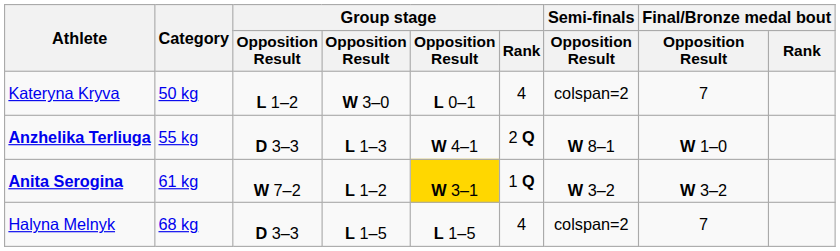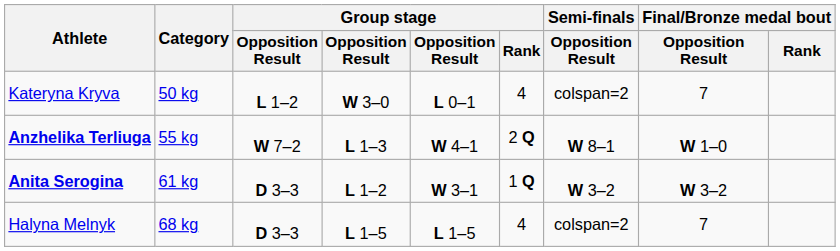 <table class="wikitable" style="text-align:center; font-size:90%">
 <tr>
 <th rowspan=2>Athlete</th>
 <th rowspan=2>Category</th>
 <th colspan=4>Group stage</th>
 <th>Semi-finals</th>
 <th colspan=2>Final/Bronze medal bout</th>
 </tr>
 <tr style="font-size:95%">
 <th>Opposition<br>Result</th>
 <th>Opposition<br>Result</th>
 <th>Opposition<br>Result</th>
 <th>Rank</th>
 <th>Opposition<br>Result</th>
 <th>Opposition<br>Result</th>
 <th>Rank</th>
 </tr>
 <tr>
 <td align=left><a href='#'>Kateryna Kryva</a></td>
 <td align=left><a href='#'>50 kg</a></td>
 <td><br> <strong>L</strong> 1–2</td>
 <td><br> <strong>W</strong> 3–0</td>
 <td><br> <strong>L</strong> 0–1</td>
 <td>4</td>
 <td>colspan=2 </td>
 <td>7</td>
 </tr>
 <tr>
 <td align=left><strong><a href='#'>Anzhelika Terliuga</a></strong></td>
 <td align=left><a href='#'>55 kg</a></td>
-<td><br> <strong>D</strong> 3–3</td>
+<td><br> <strong>W</strong> 7–2</td>
 <td><br> <strong>L</strong> 1–3</td>
 <td><br> <strong>W</strong> 4–1</td>
 <td>2 <strong>Q</strong></td>
 <td><br> <strong>W</strong> 8–1</td>
 <td><br> <strong>W</strong> 1–0</td>
 <td></td>
 </tr>
 <tr>
 <td align=left><strong><a href='#'>Anita Serogina</a></strong></td>
 <td align=left><a href='#'>61 kg</a></td>
-<td><br> <strong>W</strong> 7–2</td>
+<td><br> <strong>D</strong> 3–3</td>
 <td><br> <strong>L</strong> 1–2</td>
-<td style="background: gold;"><br> <strong>W</strong> 3–1</td>
+<td><br> <strong>W</strong> 3–1</td>
 <td>1 <strong>Q</strong></td>
 <td><br> <strong>W</strong> 3–2</td>
 <td><br> <strong>W</strong> 3–2</td>
 <td></td>
 </tr>
 <tr>
 <td align=left><a href='#'>Halyna Melnyk</a></td>
 <td align=left><a href='#'>68 kg</a></td>
 <td><br> <strong>D</strong> 3–3</td>
 <td><br> <strong>L</strong> 1–5</td>
 <td><br> <strong>L</strong> 1–5</td>
 <td>4</td>
 <td>colspan=2 </td>
 <td>7</td>
 </tr>
 </table>
